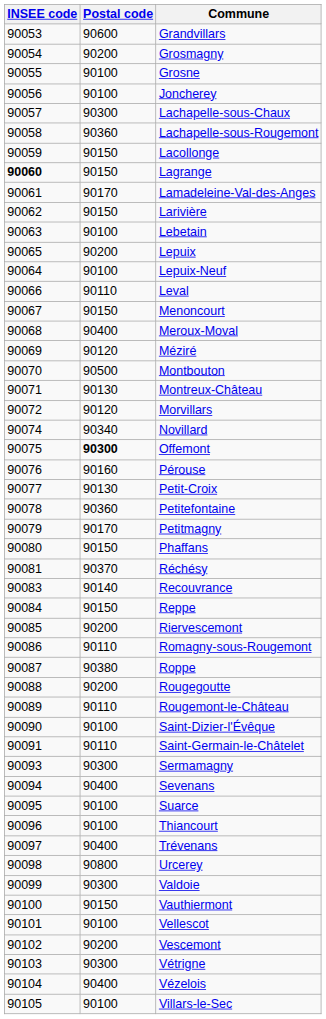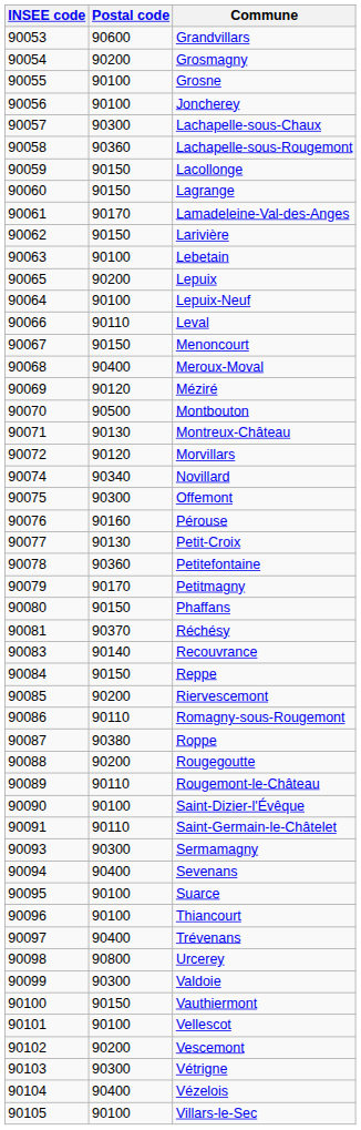 <table class="wikitable sortable">
 <tr>
 <th><a href='#'>INSEE code</a></th>
 <th><a href='#'>Postal code</a></th>
 <th>Commune</th>
 </tr>
 <tr>
 <td>90053</td>
 <td>90600</td>
 <td><a href='#'>Grandvillars</a></td>
 </tr>
 <tr>
 <td>90054</td>
 <td>90200</td>
 <td><a href='#'>Grosmagny</a></td>
 </tr>
 <tr>
 <td>90055</td>
 <td>90100</td>
 <td><a href='#'>Grosne</a></td>
 </tr>
 <tr>
 <td>90056</td>
 <td>90100</td>
 <td><a href='#'>Joncherey</a></td>
 </tr>
 <tr>
 <td>90057</td>
 <td>90300</td>
 <td><a href='#'>Lachapelle-sous-Chaux</a></td>
 </tr>
 <tr>
 <td>90058</td>
 <td>90360</td>
 <td><a href='#'>Lachapelle-sous-Rougemont</a></td>
 </tr>
 <tr>
 <td>90059</td>
 <td>90150</td>
 <td><a href='#'>Lacollonge</a></td>
 </tr>
 <tr>
-<td><strong>90060</strong></td>
+<td>90060</td>
 <td>90150</td>
 <td><a href='#'>Lagrange</a></td>
 </tr>
 <tr>
 <td>90061</td>
 <td>90170</td>
 <td><a href='#'>Lamadeleine-Val-des-Anges</a></td>
 </tr>
 <tr>
 <td>90062</td>
 <td>90150</td>
 <td><a href='#'>Larivière</a></td>
 </tr>
 <tr>
 <td>90063</td>
 <td>90100</td>
 <td><a href='#'>Lebetain</a></td>
 </tr>
 <tr>
 <td>90065</td>
 <td>90200</td>
 <td><a href='#'>Lepuix</a></td>
 </tr>
 <tr>
 <td>90064</td>
 <td>90100</td>
 <td><a href='#'>Lepuix-Neuf</a></td>
 </tr>
 <tr>
 <td>90066</td>
 <td>90110</td>
 <td><a href='#'>Leval</a></td>
 </tr>
 <tr>
 <td>90067</td>
 <td>90150</td>
 <td><a href='#'>Menoncourt</a></td>
 </tr>
 <tr>
 <td>90068</td>
 <td>90400</td>
 <td><a href='#'>Meroux-Moval</a></td>
 </tr>
 <tr>
 <td>90069</td>
 <td>90120</td>
 <td><a href='#'>Méziré</a></td>
 </tr>
 <tr>
 <td>90070</td>
 <td>90500</td>
 <td><a href='#'>Montbouton</a></td>
 </tr>
 <tr>
 <td>90071</td>
 <td>90130</td>
 <td><a href='#'>Montreux-Château</a></td>
 </tr>
 <tr>
 <td>90072</td>
 <td>90120</td>
 <td><a href='#'>Morvillars</a></td>
 </tr>
 <tr>
 <td>90074</td>
 <td>90340</td>
 <td><a href='#'>Novillard</a></td>
 </tr>
 <tr>
 <td>90075</td>
-<td><strong>90300</strong></td>
+<td>90300</td>
 <td><a href='#'>Offemont</a></td>
 </tr>
 <tr>
 <td>90076</td>
 <td>90160</td>
 <td><a href='#'>Pérouse</a></td>
 </tr>
 <tr>
 <td>90077</td>
 <td>90130</td>
 <td><a href='#'>Petit-Croix</a></td>
 </tr>
 <tr>
 <td>90078</td>
 <td>90360</td>
 <td><a href='#'>Petitefontaine</a></td>
 </tr>
 <tr>
 <td>90079</td>
 <td>90170</td>
 <td><a href='#'>Petitmagny</a></td>
 </tr>
 <tr>
 <td>90080</td>
 <td>90150</td>
 <td><a href='#'>Phaffans</a></td>
 </tr>
 <tr>
 <td>90081</td>
 <td>90370</td>
 <td><a href='#'>Réchésy</a></td>
 </tr>
 <tr>
 <td>90083</td>
 <td>90140</td>
 <td><a href='#'>Recouvrance</a></td>
 </tr>
 <tr>
 <td>90084</td>
 <td>90150</td>
 <td><a href='#'>Reppe</a></td>
 </tr>
 <tr>
 <td>90085</td>
 <td>90200</td>
 <td><a href='#'>Riervescemont</a></td>
 </tr>
 <tr>
 <td>90086</td>
 <td>90110</td>
 <td><a href='#'>Romagny-sous-Rougemont</a></td>
 </tr>
 <tr>
 <td>90087</td>
 <td>90380</td>
 <td><a href='#'>Roppe</a></td>
 </tr>
 <tr>
 <td>90088</td>
 <td>90200</td>
 <td><a href='#'>Rougegoutte</a></td>
 </tr>
 <tr>
 <td>90089</td>
 <td>90110</td>
 <td><a href='#'>Rougemont-le-Château</a></td>
 </tr>
 <tr>
 <td>90090</td>
 <td>90100</td>
 <td><a href='#'>Saint-Dizier-l'Évêque</a></td>
 </tr>
 <tr>
 <td>90091</td>
 <td>90110</td>
 <td><a href='#'>Saint-Germain-le-Châtelet</a></td>
 </tr>
 <tr>
 <td>90093</td>
 <td>90300</td>
 <td><a href='#'>Sermamagny</a></td>
 </tr>
 <tr>
 <td>90094</td>
 <td>90400</td>
 <td><a href='#'>Sevenans</a></td>
 </tr>
 <tr>
 <td>90095</td>
 <td>90100</td>
 <td><a href='#'>Suarce</a></td>
 </tr>
 <tr>
 <td>90096</td>
 <td>90100</td>
 <td><a href='#'>Thiancourt</a></td>
 </tr>
 <tr>
 <td>90097</td>
 <td>90400</td>
 <td><a href='#'>Trévenans</a></td>
 </tr>
 <tr>
 <td>90098</td>
 <td>90800</td>
 <td><a href='#'>Urcerey</a></td>
 </tr>
 <tr>
 <td>90099</td>
 <td>90300</td>
 <td><a href='#'>Valdoie</a></td>
 </tr>
 <tr>
 <td>90100</td>
 <td>90150</td>
 <td><a href='#'>Vauthiermont</a></td>
 </tr>
 <tr>
 <td>90101</td>
 <td>90100</td>
 <td><a href='#'>Vellescot</a></td>
 </tr>
 <tr>
 <td>90102</td>
 <td>90200</td>
 <td><a href='#'>Vescemont</a></td>
 </tr>
 <tr>
 <td>90103</td>
 <td>90300</td>
 <td><a href='#'>Vétrigne</a></td>
 </tr>
 <tr>
 <td>90104</td>
 <td>90400</td>
 <td><a href='#'>Vézelois</a></td>
 </tr>
 <tr>
 <td>90105</td>
 <td>90100</td>
 <td><a href='#'>Villars-le-Sec</a></td>
 </tr>
 </table>
